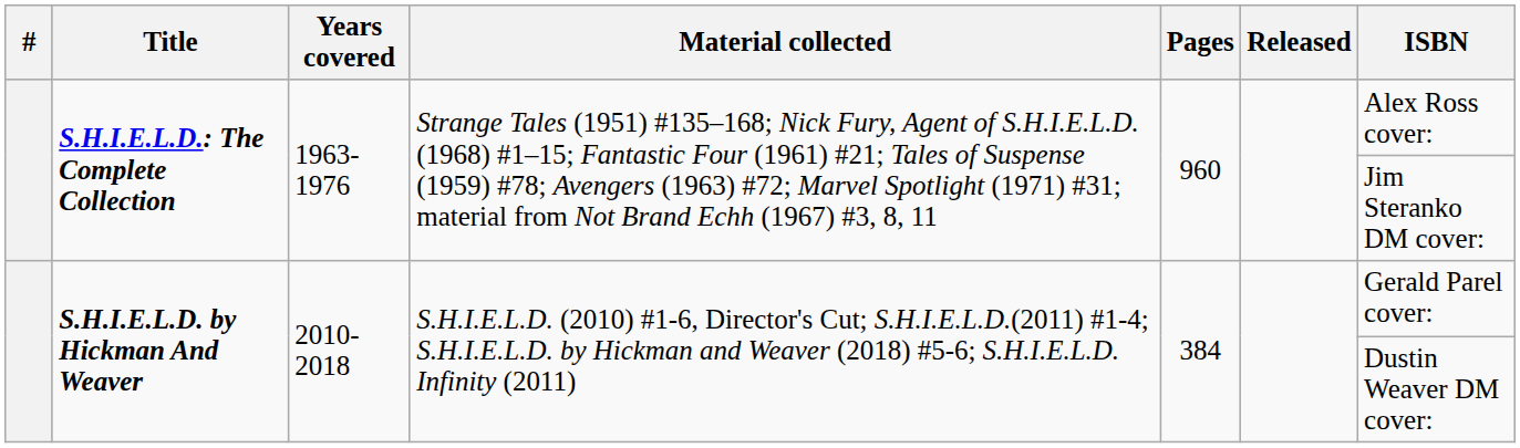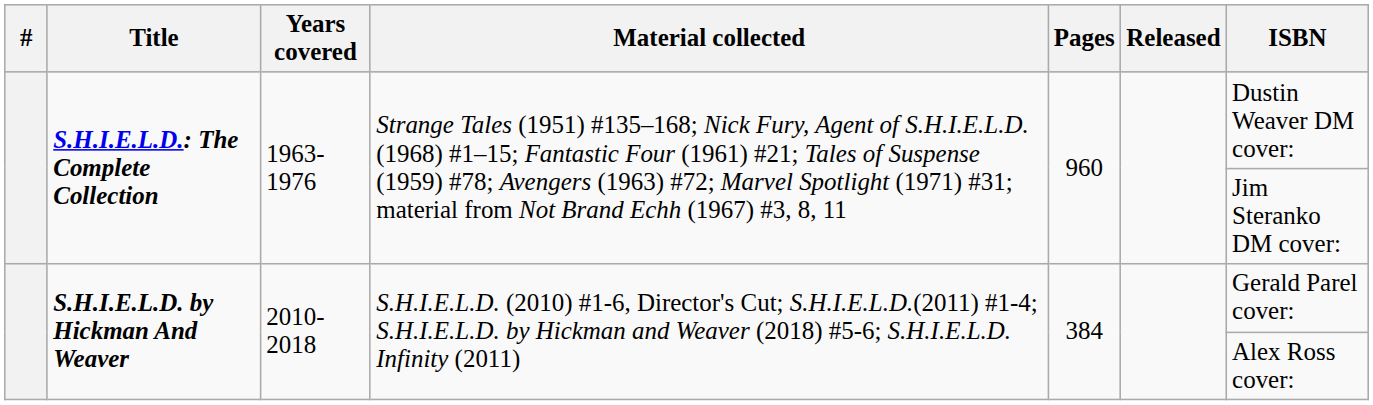 <table class="wikitable sortable" width="99%">
 <tr>
 <th class="unsortable" width="20px">#</th>
 <th>Title</th>
 <th>Years covered</th>
 <th class="unsortable">Material collected</th>
 <th>Pages</th>
 <th>Released</th>
 <th class="unsortable">ISBN</th>
 </tr>
 <tr>
 <th rowspan=2 style="background-color: light grey;"></th>
 <td rowspan=2><strong><em><a href='#'>S.H.I.E.L.D.</a>: The Complete Collection</em></strong></td>
 <td rowspan=2>1963-1976</td>
 <td rowspan=2><em>Strange Tales</em> (1951) #135–168; <em>Nick Fury, Agent of S.H.I.E.L.D.</em> (1968) #1–15; <em>Fantastic Four</em> (1961) #21; <em>Tales of Suspense</em> (1959) #78; <em>Avengers</em> (1963) #72; <em>Marvel Spotlight</em> (1971) #31; material from <em>Not Brand Echh</em> (1967) #3, 8, 11</td>
 <td rowspan=2 style="text-align: center;">960</td>
 <td rowspan=2></td>
-<td>Alex Ross cover: </td>
+<td>Dustin Weaver DM cover: </td>
 </tr>
 <tr>
 <td>Jim Steranko DM cover: </td>
 </tr>
 <tr>
 <th rowspan=2 style="background-color: light grey;"></th>
 <td rowspan=2><strong><em>S.H.I.E.L.D. by Hickman And Weaver</em></strong></td>
 <td rowspan=2>2010-2018</td>
 <td rowspan=2><em>S.H.I.E.L.D.</em> (2010) #1-6, Director's Cut; <em>S.H.I.E.L.D.</em>(2011) #1-4; <em>S.H.I.E.L.D. by Hickman and Weaver</em> (2018) #5-6; <em>S.H.I.E.L.D. Infinity</em> (2011)</td>
 <td rowspan=2 style="text-align: center;">384</td>
 <td rowspan=2></td>
 <td>Gerald Parel cover: </td>
 </tr>
 <tr>
-<td>Dustin Weaver DM cover: </td>
+<td>Alex Ross cover: </td>
 </tr>
 </table>
